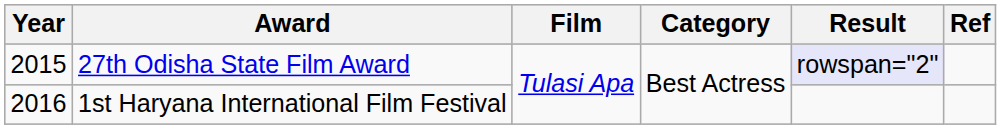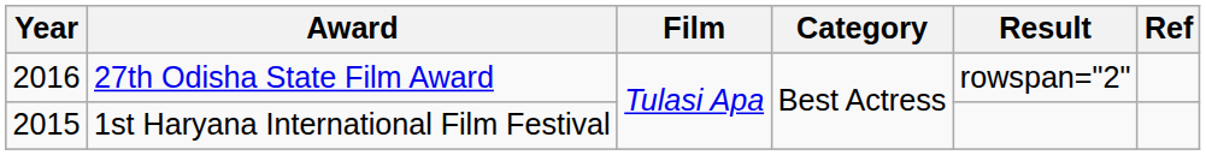 <table class="wikitable">
 <tr>
 <th>Year</th>
 <th>Award</th>
 <th>Film</th>
 <th>Category</th>
 <th>Result</th>
 <th>Ref</th>
 </tr>
 <tr>
-<td>2015</td>
+<td>2016</td>
 <td><a href='#'>27th Odisha State Film Award</a></td>
 <td rowspan="2"><em><a href='#'>Tulasi Apa</a></em></td>
 <td rowspan="2">Best Actress</td>
-<td style="background: lavender;">rowspan="2"</td>
+<td>rowspan="2"</td>
 <td></td>
 </tr>
 <tr>
-<td>2016</td>
+<td>2015</td>
 <td>1st Haryana International Film Festival</td>
 <td></td>
 </tr>
 </table>
